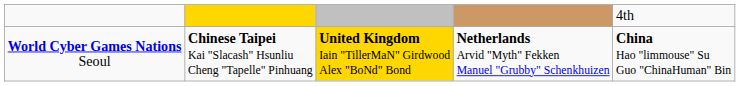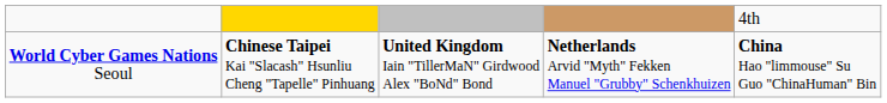 <table class="wikitable" style="text-align:left">
 <tr>
 <td style="text-align:center"></td>
 <td style="text-align:center; background:gold;"></td>
 <td style="text-align:center; background:silver;"></td>
 <td style="text-align:center; background:#c96;"></td>
 <td>4th</td>
 </tr>
 <tr>
 <td style="text-align:center"><strong><a href='#'>World Cyber Games Nations</a></strong><br> Seoul</td>
 <td style="vertical-align:top"> <strong>Chinese Taipei</strong><br><small> Kai "Slacash" Hsunliu<br> Cheng "Tapelle" Pinhuang</small></td>
-<td style="background: gold; vertical-align:top"> <strong>United Kingdom</strong><br><small>  Iain "TillerMaN" Girdwood<br> Alex "BoNd" Bond</small></td>
+<td style="vertical-align:top"> <strong>United Kingdom</strong><br><small>  Iain "TillerMaN" Girdwood<br> Alex "BoNd" Bond</small></td>
 <td style="vertical-align:top"> <strong>Netherlands</strong><br><small> Arvid "Myth" Fekken<br> <a href='#'>Manuel "Grubby" Schenkhuizen</a></small></td>
 <td style="vertical-align:top"> <strong>China</strong><br><small> Hao "limmouse" Su<br> Guo "ChinaHuman" Bin</small></td>
 </tr>
 </table>
